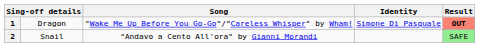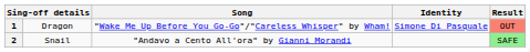 <table class="wikitable plainrowheaders" style="text-align: center;">
 <tr>
 <th colspan="2">Sing-off details</th>
 <th>Song</th>
 <th>Identity</th>
 <th>Result</th>
 </tr>
 <tr>
 <th>1</th>
 <td>Dragon</td>
 <td>"<a href='#'>Wake Me Up Before You Go-Go</a>"/"<a href='#'>Careless Whisper</a>" by <a href='#'>Wham!</a></td>
 <td><a href='#'>Simone Di Pasquale</a></td>
-<td bgcolor=salmon><strong>OUT</strong></td>
+<td bgcolor=salmon>OUT</td>
 </tr>
 <tr>
 <th>2</th>
 <td>Snail</td>
 <td>"Andavo a Cento All'ora" by <a href='#'>Gianni Morandi</a></td>
 <td></td>
 <td bgcolor=lightgreen>SAFE</td>
 </tr>
 </table>
